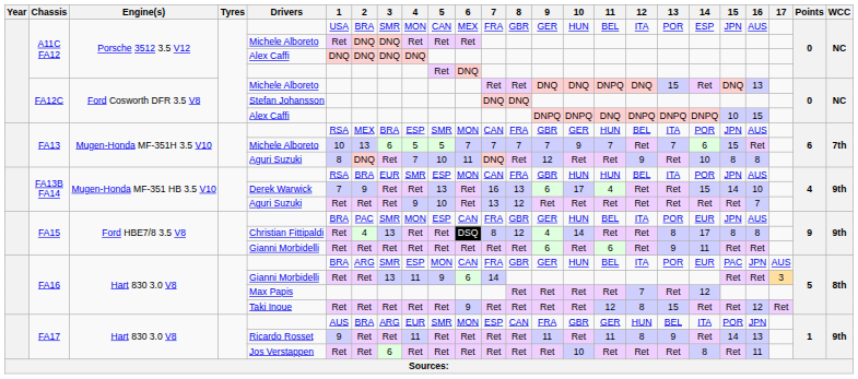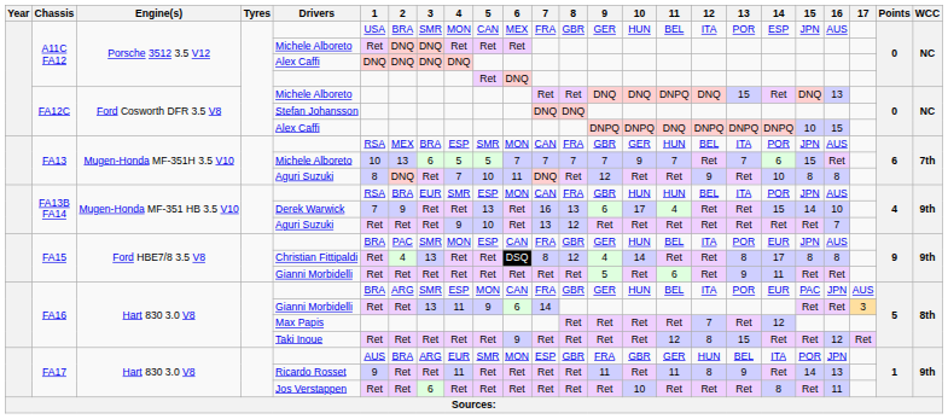 <table class="wikitable" style="text-align:center; font-size:85%">
 <tr>
 <th>Year</th>
 <th>Chassis</th>
 <th>Engine(s)</th>
 <th>Tyres</th>
 <th>Drivers</th>
 <th>1</th>
 <th>2</th>
 <th>3</th>
 <th>4</th>
 <th>5</th>
 <th>6</th>
 <th>7</th>
 <th>8</th>
 <th>9</th>
 <th>10</th>
 <th>11</th>
 <th>12</th>
 <th>13</th>
 <th>14</th>
 <th>15</th>
 <th>16</th>
 <th>17</th>
 <th>Points</th>
 <th>WCC</th>
 </tr>
 <tr>
 <th rowspan="7"></th>
 <td rowspan="4"><a href='#'>A11C</a><br><a href='#'>FA12</a></td>
 <td rowspan="4"><a href='#'>Porsche</a> <a href='#'>3512</a> 3.5 <a href='#'>V12</a></td>
 <td rowspan="7"></td>
 <td></td>
 <td><a href='#'>USA</a></td>
 <td><a href='#'>BRA</a></td>
 <td><a href='#'>SMR</a></td>
 <td><a href='#'>MON</a></td>
 <td><a href='#'>CAN</a></td>
 <td><a href='#'>MEX</a></td>
 <td><a href='#'>FRA</a></td>
 <td><a href='#'>GBR</a></td>
 <td><a href='#'>GER</a></td>
 <td><a href='#'>HUN</a></td>
 <td><a href='#'>BEL</a></td>
 <td><a href='#'>ITA</a></td>
 <td><a href='#'>POR</a></td>
 <td><a href='#'>ESP</a></td>
 <td><a href='#'>JPN</a></td>
 <td><a href='#'>AUS</a></td>
 <td></td>
 <th rowspan="4">0</th>
 <th rowspan="4">NC</th>
 </tr>
 <tr>
 <td align="left"> <a href='#'>Michele Alboreto</a></td>
 <td style="background:#EFCFFF;">Ret</td>
 <td style="background:#FFCFCF;">DNQ</td>
 <td style="background:#FFCFCF;">DNQ</td>
 <td style="background:#EFCFFF;">Ret</td>
 <td style="background:#EFCFFF;">Ret</td>
 <td style="background:#EFCFFF;">Ret</td>
 <td></td>
 <td></td>
 <td></td>
 <td></td>
 <td></td>
 <td></td>
 <td></td>
 <td></td>
 <td></td>
 <td></td>
 <td></td>
 </tr>
 <tr>
 <td align="left"> <a href='#'>Alex Caffi</a></td>
 <td style="background:#FFCFCF;">DNQ</td>
 <td style="background:#FFCFCF;">DNQ</td>
 <td style="background:#FFCFCF;">DNQ</td>
 <td style="background:#FFCFCF;">DNQ</td>
 <td></td>
 <td></td>
 <td></td>
 <td></td>
 <td></td>
 <td></td>
 <td></td>
 <td></td>
 <td></td>
 <td></td>
 <td></td>
 <td></td>
 <td></td>
 </tr>
 <tr>
 <td align="left"></td>
 <td></td>
 <td></td>
 <td></td>
 <td></td>
 <td style="background:#EFCFFF;">Ret</td>
 <td style="background:#FFCFCF;">DNQ</td>
 <td></td>
 <td></td>
 <td></td>
 <td></td>
 <td></td>
 <td></td>
 <td></td>
 <td></td>
 <td></td>
 <td></td>
 <td></td>
 </tr>
 <tr>
 <td rowspan="3"><a href='#'>FA12C</a></td>
 <td rowspan="3"><a href='#'>Ford</a> Cosworth DFR 3.5 <a href='#'>V8</a></td>
 <td align="left"> <a href='#'>Michele Alboreto</a></td>
 <td></td>
 <td></td>
 <td></td>
 <td></td>
 <td></td>
 <td></td>
 <td style="background:#EFCFFF;">Ret</td>
 <td style="background:#EFCFFF;">Ret</td>
 <td style="background:#FFCFCF;">DNQ</td>
 <td style="background:#FFCFCF;">DNQ</td>
 <td style="background:#FFCFCF;">DNPQ</td>
 <td style="background:#FFCFCF;">DNQ</td>
 <td style="background:#CFCFFF;">15</td>
 <td style="background:#EFCFFF;">Ret</td>
 <td style="background:#FFCFCF;">DNQ</td>
 <td style="background:#CFCFFF;">13</td>
 <td></td>
 <th rowspan="3">0</th>
 <th rowspan="3">NC</th>
 </tr>
 <tr>
 <td align="left"> <a href='#'>Stefan Johansson</a></td>
 <td></td>
 <td></td>
 <td></td>
 <td></td>
 <td></td>
 <td></td>
 <td style="background:#FFCFCF;">DNQ</td>
 <td style="background:#FFCFCF;">DNQ</td>
 <td></td>
 <td></td>
 <td></td>
 <td></td>
 <td></td>
 <td></td>
 <td></td>
 <td></td>
 <td></td>
 </tr>
 <tr>
 <td align="left"> <a href='#'>Alex Caffi</a></td>
 <td></td>
 <td></td>
 <td></td>
 <td></td>
 <td></td>
 <td></td>
 <td></td>
 <td></td>
 <td style="background:#FFCFCF;">DNPQ</td>
 <td style="background:#FFCFCF;">DNPQ</td>
 <td style="background:#FFCFCF;">DNQ</td>
 <td style="background:#FFCFCF;">DNPQ</td>
 <td style="background:#FFCFCF;">DNPQ</td>
 <td style="background:#FFCFCF;">DNPQ</td>
 <td style="background:#CFCFFF;">10</td>
 <td style="background:#CFCFFF;">15</td>
 <td></td>
 </tr>
 <tr>
 <th rowspan="3"></th>
 <td rowspan="3"><a href='#'>FA13</a></td>
 <td rowspan="3"><a href='#'>Mugen-Honda</a> MF-351H 3.5 <a href='#'>V10</a></td>
 <td rowspan="3"></td>
 <td></td>
 <td><a href='#'>RSA</a></td>
 <td><a href='#'>MEX</a></td>
 <td><a href='#'>BRA</a></td>
 <td><a href='#'>ESP</a></td>
 <td><a href='#'>SMR</a></td>
 <td><a href='#'>MON</a></td>
 <td><a href='#'>CAN</a></td>
 <td><a href='#'>FRA</a></td>
 <td><a href='#'>GBR</a></td>
 <td><a href='#'>GER</a></td>
 <td><a href='#'>HUN</a></td>
 <td><a href='#'>BEL</a></td>
 <td><a href='#'>ITA</a></td>
 <td><a href='#'>POR</a></td>
 <td><a href='#'>JPN</a></td>
 <td><a href='#'>AUS</a></td>
 <td></td>
 <th rowspan="3">6</th>
 <th rowspan="3">7th</th>
 </tr>
 <tr>
 <td align="left"> <a href='#'>Michele Alboreto</a></td>
 <td style="background:#CFCFFF;">10</td>
 <td style="background:#CFCFFF;">13</td>
 <td style="background:#DFFFDF;">6</td>
 <td style="background:#DFFFDF;">5</td>
 <td style="background:#DFFFDF;">5</td>
 <td style="background:#CFCFFF;">7</td>
 <td style="background:#CFCFFF;">7</td>
 <td style="background:#CFCFFF;">7</td>
 <td style="background:#CFCFFF;">7</td>
 <td style="background:#CFCFFF;">9</td>
 <td style="background:#CFCFFF;">7</td>
 <td style="background:#EFCFFF;">Ret</td>
 <td style="background:#CFCFFF;">7</td>
 <td style="background:#DFFFDF;">6</td>
 <td style="background:#CFCFFF;">15</td>
 <td style="background:#EFCFFF;">Ret</td>
 <td></td>
 </tr>
 <tr>
 <td align="left"> <a href='#'>Aguri Suzuki</a></td>
 <td style="background:#CFCFFF;">8</td>
 <td style="background:#FFCFCF;">DNQ</td>
 <td style="background:#EFCFFF;">Ret</td>
 <td style="background:#CFCFFF;">7</td>
 <td style="background:#CFCFFF;">10</td>
 <td style="background:#CFCFFF;">11</td>
 <td style="background:#FFCFCF;">DNQ</td>
 <td style="background:#EFCFFF;">Ret</td>
 <td style="background:#CFCFFF;">12</td>
 <td style="background:#EFCFFF;">Ret</td>
 <td style="background:#EFCFFF;">Ret</td>
 <td style="background:#CFCFFF;">9</td>
 <td style="background:#EFCFFF;">Ret</td>
 <td style="background:#CFCFFF;">10</td>
 <td style="background:#CFCFFF;">8</td>
 <td style="background:#CFCFFF;">8</td>
 <td></td>
 </tr>
 <tr>
 <th rowspan="3"></th>
 <td rowspan="3"><a href='#'>FA13B</a><br><a href='#'>FA14</a></td>
 <td rowspan="3"><a href='#'>Mugen-Honda</a> MF-351 HB 3.5 <a href='#'>V10</a></td>
 <td rowspan="3"></td>
 <td></td>
 <td><a href='#'>RSA</a></td>
 <td><a href='#'>BRA</a></td>
 <td><a href='#'>EUR</a></td>
 <td><a href='#'>SMR</a></td>
 <td><a href='#'>ESP</a></td>
 <td><a href='#'>MON</a></td>
 <td><a href='#'>CAN</a></td>
 <td><a href='#'>FRA</a></td>
 <td><a href='#'>GBR</a></td>
 <td><a href='#'>HUN</a></td>
 <td><a href='#'>HUN</a></td>
 <td><a href='#'>BEL</a></td>
 <td><a href='#'>ITA</a></td>
 <td><a href='#'>POR</a></td>
 <td><a href='#'>JPN</a></td>
 <td><a href='#'>AUS</a></td>
 <td></td>
 <th rowspan="3">4</th>
 <th rowspan="3">9th</th>
 </tr>
 <tr>
 <td align="left"> <a href='#'>Derek Warwick</a></td>
 <td style="background:#CFCFFF;">7</td>
 <td style="background:#CFCFFF;">9</td>
 <td style="background:#EFCFFF;">Ret</td>
 <td style="background:#EFCFFF;">Ret</td>
 <td style="background:#CFCFFF;">13</td>
 <td style="background:#EFCFFF;">Ret</td>
 <td style="background:#CFCFFF;">16</td>
 <td style="background:#CFCFFF;">13</td>
 <td style="background:#DFFFDF;">6</td>
 <td style="background:#CFCFFF;">17</td>
 <td style="background:#DFFFDF;">4</td>
 <td style="background:#EFCFFF;">Ret</td>
 <td style="background:#EFCFFF;">Ret</td>
 <td style="background:#CFCFFF;">15</td>
 <td style="background:#CFCFFF;">14</td>
 <td style="background:#CFCFFF;">10</td>
 <td></td>
 </tr>
 <tr>
 <td align="left"> <a href='#'>Aguri Suzuki</a></td>
 <td style="background:#EFCFFF;">Ret</td>
 <td style="background:#EFCFFF;">Ret</td>
 <td style="background:#EFCFFF;">Ret</td>
 <td style="background:#CFCFFF;">9</td>
 <td style="background:#CFCFFF;">10</td>
 <td style="background:#EFCFFF;">Ret</td>
 <td style="background:#CFCFFF;">13</td>
 <td style="background:#CFCFFF;">12</td>
 <td style="background:#EFCFFF;">Ret</td>
 <td style="background:#EFCFFF;">Ret</td>
 <td style="background:#EFCFFF;">Ret</td>
 <td style="background:#EFCFFF;">Ret</td>
 <td style="background:#EFCFFF;">Ret</td>
 <td style="background:#EFCFFF;">Ret</td>
 <td style="background:#EFCFFF;">Ret</td>
 <td style="background:#CFCFFF;">7</td>
 <td></td>
 </tr>
 <tr>
 <th rowspan="3"></th>
 <td rowspan="3"><a href='#'>FA15</a></td>
 <td rowspan="3"><a href='#'>Ford</a> HBE7/8 3.5 <a href='#'>V8</a></td>
 <td rowspan="3"></td>
 <td></td>
 <td><a href='#'>BRA</a></td>
 <td><a href='#'>PAC</a></td>
 <td><a href='#'>SMR</a></td>
 <td><a href='#'>MON</a></td>
 <td><a href='#'>ESP</a></td>
 <td><a href='#'>CAN</a></td>
 <td><a href='#'>FRA</a></td>
 <td><a href='#'>GBR</a></td>
 <td><a href='#'>GER</a></td>
 <td><a href='#'>HUN</a></td>
 <td><a href='#'>BEL</a></td>
 <td><a href='#'>ITA</a></td>
 <td><a href='#'>POR</a></td>
 <td><a href='#'>EUR</a></td>
 <td><a href='#'>JPN</a></td>
 <td><a href='#'>AUS</a></td>
 <td></td>
 <th rowspan="3">9</th>
 <th rowspan="3">9th</th>
 </tr>
 <tr>
 <td align="left"> <a href='#'>Christian Fittipaldi</a></td>
 <td style="background:#EFCFFF;">Ret</td>
 <td style="background:#DFFFDF;">4</td>
 <td style="background:#CFCFFF;">13</td>
 <td style="background:#EFCFFF;">Ret</td>
 <td style="background:#EFCFFF;">Ret</td>
 <td style="background:#000000; color:white">DSQ</td>
 <td style="background:#CFCFFF;">8</td>
 <td style="background:#CFCFFF;">12</td>
 <td style="background:#DFFFDF;">4</td>
 <td style="background:#CFCFFF;">14</td>
 <td style="background:#EFCFFF;">Ret</td>
 <td style="background:#EFCFFF;">Ret</td>
 <td style="background:#CFCFFF;">8</td>
 <td style="background:#CFCFFF;">17</td>
 <td style="background:#CFCFFF;">8</td>
 <td style="background:#CFCFFF;">8</td>
 <td></td>
 </tr>
 <tr>
 <td align="left"> <a href='#'>Gianni Morbidelli</a></td>
 <td style="background:#EFCFFF;">Ret</td>
 <td style="background:#EFCFFF;">Ret</td>
 <td style="background:#EFCFFF;">Ret</td>
 <td style="background:#EFCFFF;">Ret</td>
 <td style="background:#EFCFFF;">Ret</td>
 <td style="background:#EFCFFF;">Ret</td>
 <td style="background:#EFCFFF;">Ret</td>
 <td style="background:#EFCFFF;">Ret</td>
-<td style="background:#DFFFDF;">6</td>
+<td style="background:#DFFFDF;">5</td>
 <td style="background:#EFCFFF;">Ret</td>
 <td style="background:#DFFFDF;">6</td>
 <td style="background:#EFCFFF;">Ret</td>
 <td style="background:#CFCFFF;">9</td>
 <td style="background:#CFCFFF;">11</td>
 <td style="background:#EFCFFF;">Ret</td>
 <td style="background:#EFCFFF;">Ret</td>
 <td></td>
 </tr>
 <tr>
 <th rowspan="4"></th>
 <td rowspan="4"><a href='#'>FA16</a></td>
 <td rowspan="4"><a href='#'>Hart</a> 830 3.0 <a href='#'>V8</a></td>
 <td rowspan="4"></td>
 <td></td>
 <td><a href='#'>BRA</a></td>
 <td><a href='#'>ARG</a></td>
 <td><a href='#'>SMR</a></td>
 <td><a href='#'>ESP</a></td>
 <td><a href='#'>MON</a></td>
 <td><a href='#'>CAN</a></td>
 <td><a href='#'>FRA</a></td>
 <td><a href='#'>GBR</a></td>
 <td><a href='#'>GER</a></td>
 <td><a href='#'>HUN</a></td>
 <td><a href='#'>BEL</a></td>
 <td><a href='#'>ITA</a></td>
 <td><a href='#'>POR</a></td>
 <td><a href='#'>EUR</a></td>
 <td><a href='#'>PAC</a></td>
 <td><a href='#'>JPN</a></td>
 <td><a href='#'>AUS</a></td>
 <th rowspan="4">5</th>
 <th rowspan="4">8th</th>
 </tr>
 <tr>
 <td align="left"> <a href='#'>Gianni Morbidelli</a></td>
 <td style="background:#EFCFFF;">Ret</td>
 <td style="background:#EFCFFF;">Ret</td>
 <td style="background:#CFCFFF;">13</td>
 <td style="background:#CFCFFF;">11</td>
 <td style="background:#CFCFFF;">9</td>
 <td style="background:#DFFFDF;">6</td>
 <td style="background:#CFCFFF;">14</td>
 <td></td>
 <td></td>
 <td></td>
 <td></td>
 <td></td>
 <td></td>
 <td></td>
 <td style="background:#EFCFFF;">Ret</td>
 <td style="background:#EFCFFF;">Ret</td>
 <td style="background:#FFDF9F;">3</td>
 </tr>
 <tr>
 <td align="left"> <a href='#'>Max Papis</a></td>
 <td></td>
 <td></td>
 <td></td>
 <td></td>
 <td></td>
 <td></td>
 <td></td>
 <td style="background:#EFCFFF;">Ret</td>
 <td style="background:#EFCFFF;">Ret</td>
 <td style="background:#EFCFFF;">Ret</td>
 <td style="background:#EFCFFF;">Ret</td>
 <td style="background:#CFCFFF;">7</td>
 <td style="background:#EFCFFF;">Ret</td>
 <td style="background:#CFCFFF;">12</td>
 <td></td>
 <td></td>
 <td></td>
 </tr>
 <tr>
 <td align="left"> <a href='#'>Taki Inoue</a></td>
 <td style="background:#EFCFFF;">Ret</td>
 <td style="background:#EFCFFF;">Ret</td>
 <td style="background:#EFCFFF;">Ret</td>
 <td style="background:#EFCFFF;">Ret</td>
 <td style="background:#EFCFFF;">Ret</td>
 <td style="background:#CFCFFF;">9</td>
 <td style="background:#EFCFFF;">Ret</td>
 <td style="background:#EFCFFF;">Ret</td>
 <td style="background:#EFCFFF;">Ret</td>
 <td style="background:#EFCFFF;">Ret</td>
 <td style="background:#CFCFFF;">12</td>
 <td style="background:#CFCFFF;">8</td>
 <td style="background:#CFCFFF;">15</td>
 <td style="background:#EFCFFF;">Ret</td>
 <td style="background:#EFCFFF;">Ret</td>
 <td style="background:#CFCFFF;">12</td>
 <td style="background:#EFCFFF;">Ret</td>
 </tr>
 <tr>
 <th rowspan="3"></th>
 <td rowspan="3"><a href='#'>FA17</a></td>
 <td rowspan="3"><a href='#'>Hart</a> 830 3.0 <a href='#'>V8</a></td>
 <td rowspan="3"></td>
 <td></td>
 <td><a href='#'>AUS</a></td>
 <td><a href='#'>BRA</a></td>
 <td><a href='#'>ARG</a></td>
 <td><a href='#'>EUR</a></td>
 <td><a href='#'>SMR</a></td>
 <td><a href='#'>MON</a></td>
 <td><a href='#'>ESP</a></td>
-<td><a href='#'>CAN</a></td>
+<td><a href='#'>GBR</a></td>
 <td><a href='#'>FRA</a></td>
 <td><a href='#'>GBR</a></td>
 <td><a href='#'>GER</a></td>
 <td><a href='#'>HUN</a></td>
 <td><a href='#'>BEL</a></td>
 <td><a href='#'>ITA</a></td>
 <td><a href='#'>POR</a></td>
 <td><a href='#'>JPN</a></td>
 <td></td>
 <th rowspan="3">1</th>
 <th rowspan="3">9th</th>
 </tr>
 <tr>
 <td align="left"> <a href='#'>Ricardo Rosset</a></td>
 <td style="background:#CFCFFF;">9</td>
 <td style="background:#EFCFFF;">Ret</td>
 <td style="background:#EFCFFF;">Ret</td>
 <td style="background:#CFCFFF;">11</td>
 <td style="background:#EFCFFF;">Ret</td>
 <td style="background:#EFCFFF;">Ret</td>
 <td style="background:#EFCFFF;">Ret</td>
 <td style="background:#EFCFFF;">Ret</td>
 <td style="background:#CFCFFF;">11</td>
 <td style="background:#EFCFFF;">Ret</td>
 <td style="background:#CFCFFF;">11</td>
 <td style="background:#CFCFFF;">8</td>
 <td style="background:#CFCFFF;">9</td>
 <td style="background:#EFCFFF;">Ret</td>
 <td style="background:#CFCFFF;">14</td>
 <td style="background:#CFCFFF;">13</td>
 <td></td>
 </tr>
 <tr>
 <td align="left"> <a href='#'>Jos Verstappen</a></td>
 <td style="background:#EFCFFF;">Ret</td>
 <td style="background:#EFCFFF;">Ret</td>
 <td style="background:#DFFFDF;">6</td>
 <td style="background:#EFCFFF;">Ret</td>
 <td style="background:#EFCFFF;">Ret</td>
 <td style="background:#EFCFFF;">Ret</td>
 <td style="background:#EFCFFF;">Ret</td>
 <td style="background:#EFCFFF;">Ret</td>
 <td style="background:#EFCFFF;">Ret</td>
 <td style="background:#CFCFFF;">10</td>
 <td style="background:#EFCFFF;">Ret</td>
 <td style="background:#EFCFFF;">Ret</td>
 <td style="background:#EFCFFF;">Ret</td>
 <td style="background:#CFCFFF;">8</td>
 <td style="background:#EFCFFF;">Ret</td>
 <td style="background:#CFCFFF;">11</td>
 <td></td>
 </tr>
 <tr>
 <th colspan="24">Sources:</th>
 </tr>
 </table>
